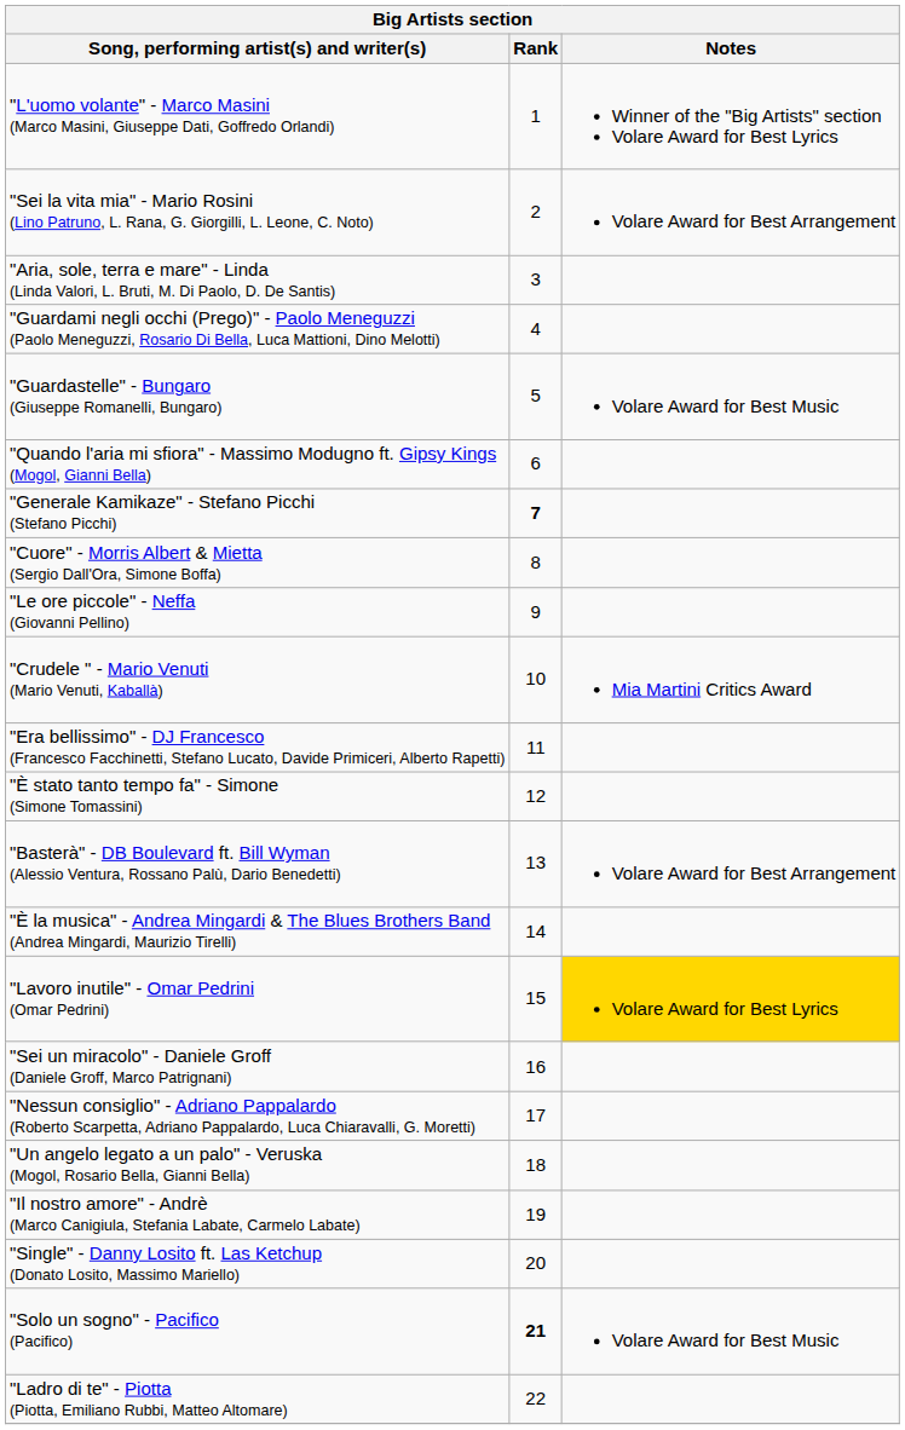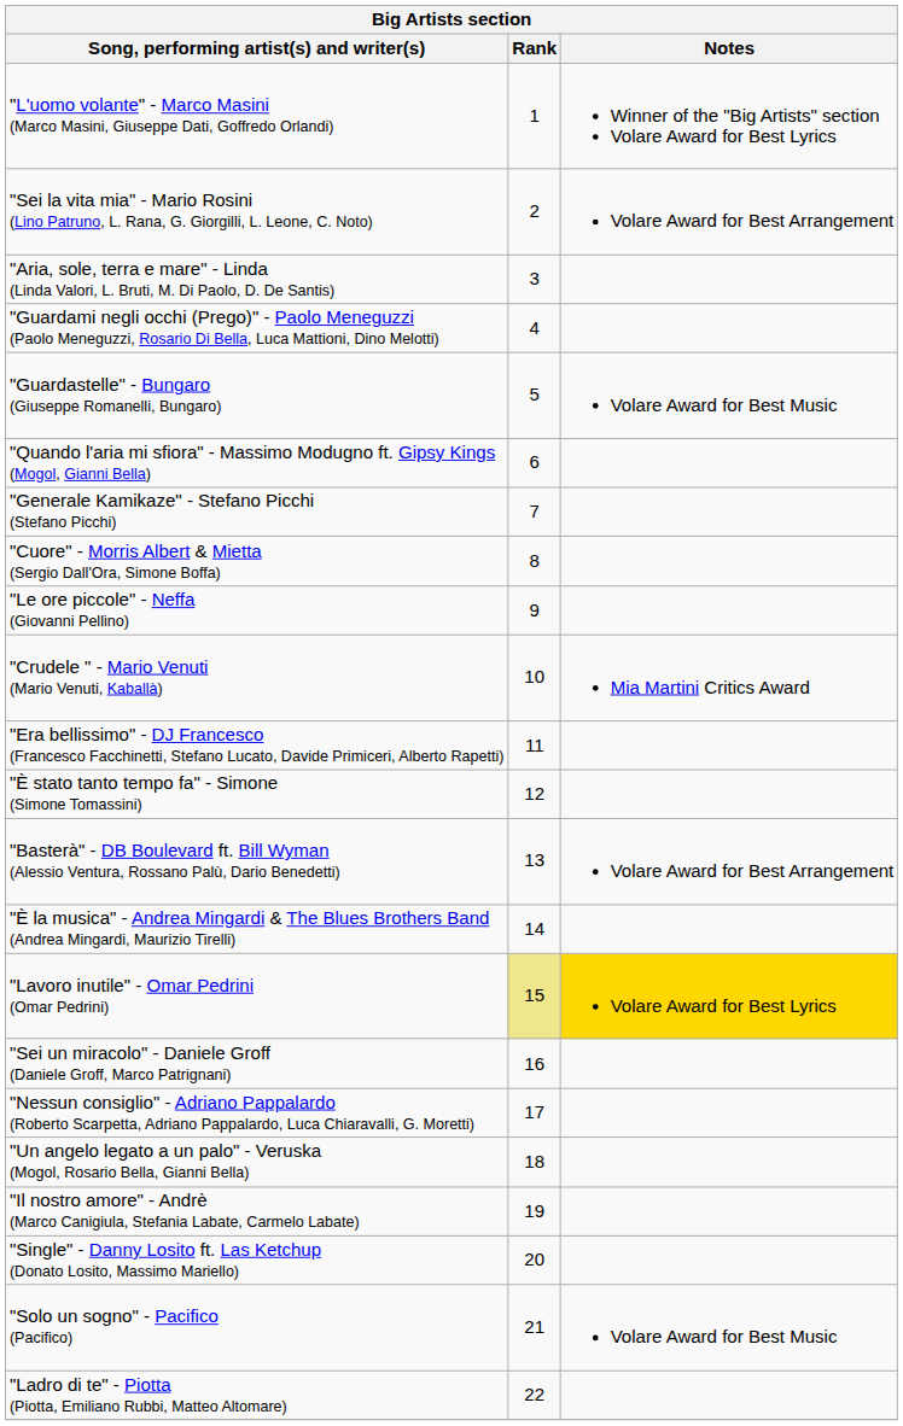 <table class="plainrowheaders wikitable">
 <tr>
 <th colspan="3">Big Artists section </th>
 </tr>
 <tr>
 <th>Song, performing artist(s) and writer(s)</th>
 <th>Rank</th>
 <th>Notes</th>
 </tr>
 <tr>
 <td>"<a href='#'>L'uomo volante</a>" - <a href='#'>Marco Masini</a><br><small> 	 	(Marco Masini, Giuseppe Dati, Goffredo Orlandi)</small></td>
 <td align="center">1</td>
 <td><br><ul><li>Winner of the "Big Artists" section</li><li>Volare Award for Best Lyrics</li></ul></td>
 </tr>
 <tr>
 <td>"Sei la vita mia" -  Mario Rosini<br><small> 	(<a href='#'>Lino Patruno</a>, L. Rana, G. Giorgilli, L. Leone, C. Noto) 	</small></td>
 <td align="center">2</td>
 <td><br><ul><li>Volare Award for Best Arrangement</li></ul></td>
 </tr>
 <tr>
 <td>"Aria, sole, terra e mare" -  Linda<br><small> 	(Linda Valori, L. Bruti, M. Di Paolo, D. De Santis) 	</small></td>
 <td align="center">3</td>
 <td></td>
 </tr>
 <tr>
 <td>"Guardami negli occhi (Prego)" -  <a href='#'>Paolo Meneguzzi</a><br> <small> 	 	(Paolo Meneguzzi, <a href='#'>Rosario Di Bella</a>, Luca Mattioni, Dino Melotti) 	</small></td>
 <td align="center">4</td>
 <td></td>
 </tr>
 <tr>
 <td>"Guardastelle" - <a href='#'>Bungaro</a><br> <small> 	 	(Giuseppe Romanelli, Bungaro) 	</small></td>
 <td align="center">5</td>
 <td><br><ul><li>Volare Award for Best Music</li></ul></td>
 </tr>
 <tr>
 <td>"Quando l'aria mi sfiora" - Massimo Modugno ft. <a href='#'>Gipsy Kings</a><br><small> 	(<a href='#'>Mogol</a>, <a href='#'>Gianni Bella</a>) 	</small></td>
 <td align="center">6</td>
 <td></td>
 </tr>
 <tr>
 <td>"Generale Kamikaze" -  Stefano Picchi<br> <small> 	(Stefano Picchi) 	</small></td>
-<td align="center"><strong>7</strong></td>
+<td align="center">7</td>
 <td></td>
 </tr>
 <tr>
 <td>"Cuore" - <a href='#'>Morris Albert</a> & <a href='#'>Mietta</a><br><small> 	(Sergio Dall'Ora, Simone Boffa) 	</small></td>
 <td align="center">8</td>
 <td></td>
 </tr>
 <tr>
 <td>"Le ore piccole" - <a href='#'>Neffa</a><br><small> 	(Giovanni Pellino) 	</small></td>
 <td align="center">9</td>
 <td></td>
 </tr>
 <tr>
 <td>"Crudele " - <a href='#'>Mario Venuti</a><br><small>	(Mario Venuti, <a href='#'>Kaballà</a>) 	</small></td>
 <td align="center">10</td>
 <td><br><ul><li><a href='#'>Mia Martini</a> Critics Award</li></ul></td>
 </tr>
 <tr>
 <td>"Era bellissimo" -  <a href='#'>DJ Francesco</a><br> <small> 	 	(Francesco Facchinetti, Stefano Lucato, Davide Primiceri, Alberto Rapetti) 	</small></td>
 <td align="center">11</td>
 <td></td>
 </tr>
 <tr>
 <td>"È stato tanto tempo fa" - Simone <br> <small> 	(Simone Tomassini) 	</small></td>
 <td align="center">12</td>
 <td></td>
 </tr>
 <tr>
 <td>"Basterà" - <a href='#'>DB Boulevard</a> ft. <a href='#'>Bill Wyman</a><br><small> 	(Alessio Ventura, Rossano Palù, Dario Benedetti) 	</small></td>
 <td align="center">13</td>
 <td><br><ul><li>Volare Award for Best Arrangement</li></ul></td>
 </tr>
 <tr>
 <td>"È la musica" - <a href='#'>Andrea Mingardi</a> & <a href='#'>The Blues Brothers Band</a><br><small> 	(Andrea Mingardi, Maurizio Tirelli)</small></td>
 <td align="center">14</td>
 <td></td>
 </tr>
 <tr>
 <td>"Lavoro inutile" - <a href='#'>Omar Pedrini</a> <br><small> 	 	(Omar Pedrini) 	</small></td>
-<td align="center">15</td>
+<td align="center" style="background: khaki;">15</td>
 <td style="background: gold;"><br><ul><li>Volare Award for Best Lyrics</li></ul></td>
 </tr>
 <tr>
 <td>"Sei un miracolo" - Daniele Groff <br><small> 	(Daniele Groff, Marco Patrignani) 	</small></td>
 <td align="center">16</td>
 <td></td>
 </tr>
 <tr>
 <td>"Nessun consiglio" - <a href='#'>Adriano Pappalardo</a> <br><small> 	 	(Roberto Scarpetta, Adriano Pappalardo, Luca Chiaravalli, G. Moretti) 	</small></td>
 <td align="center">17</td>
 <td></td>
 </tr>
 <tr>
 <td>"Un angelo legato a un palo" - Veruska <br><small> 	 	(Mogol, Rosario Bella, Gianni Bella) 	</small></td>
 <td align="center">18</td>
 <td></td>
 </tr>
 <tr>
 <td>"Il nostro amore" - Andrè <br><small> 	 	(Marco Canigiula, Stefania Labate, Carmelo Labate) 	</small></td>
 <td align="center">19</td>
 <td></td>
 </tr>
 <tr>
 <td>"Single" - <a href='#'>Danny Losito</a> ft. <a href='#'>Las Ketchup</a> <br><small> 	 		(Donato Losito, Massimo Mariello) 	</small></td>
 <td align="center">20</td>
 <td></td>
 </tr>
 <tr>
 <td>"Solo un sogno" - <a href='#'>Pacifico</a> <br><small> 	 	 	(Pacifico) 		</small></td>
-<td align="center"><strong>21</strong></td>
+<td align="center">21</td>
 <td><br><ul><li>Volare Award for Best Music</li></ul></td>
 </tr>
 <tr>
 <td>"Ladro di te" - <a href='#'>Piotta</a> <br><small> 	 	(Piotta, Emiliano Rubbi, Matteo Altomare) 	</small></td>
 <td align="center">22</td>
 <td></td>
 </tr>
 <tr>
 </tr>
 </table>
